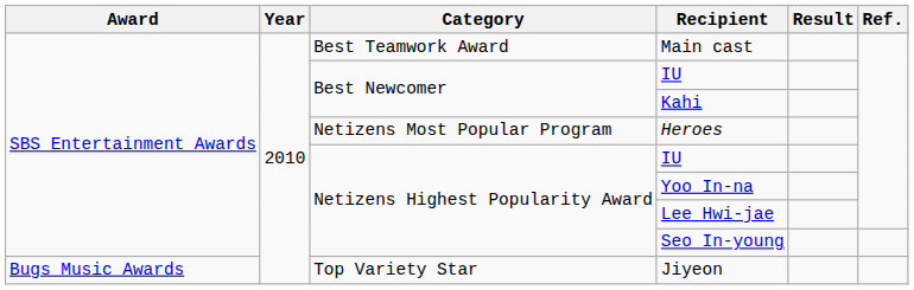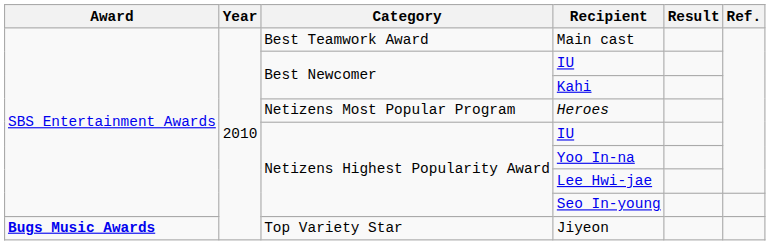 <table class="wikitable">
 <tr>
 <th>Award</th>
 <th>Year</th>
 <th>Category</th>
 <th>Recipient</th>
 <th>Result</th>
 <th><abbr>Ref.</abbr></th>
 </tr>
 <tr>
 <td rowspan="8"><a href='#'>SBS Entertainment Awards</a></td>
 <td rowspan="9">2010</td>
 <td>Best Teamwork Award</td>
 <td>Main cast</td>
 <td></td>
 <td rowspan="7"></td>
 </tr>
 <tr>
 <td rowspan="2">Best Newcomer</td>
 <td><a href='#'>IU</a></td>
 <td></td>
 </tr>
 <tr>
 <td><a href='#'>Kahi</a></td>
 <td></td>
 </tr>
 <tr>
 <td>Netizens Most Popular Program</td>
 <td><em>Heroes</em></td>
 <td></td>
 </tr>
 <tr>
 <td rowspan="4">Netizens Highest Popularity Award</td>
 <td><a href='#'>IU</a></td>
 <td></td>
 </tr>
 <tr>
 <td><a href='#'>Yoo In-na</a></td>
 <td></td>
 </tr>
 <tr>
 <td><a href='#'>Lee Hwi-jae</a></td>
 <td></td>
 </tr>
 <tr>
 <td><a href='#'>Seo In-young</a></td>
 <td></td>
 <td></td>
 </tr>
 <tr>
-<td><a href='#'>Bugs Music Awards</a></td>
+<td><strong><a href='#'>Bugs Music Awards</a></strong></td>
 <td>Top Variety Star</td>
 <td>Jiyeon</td>
 <td></td>
 <td></td>
 </tr>
 </table>
